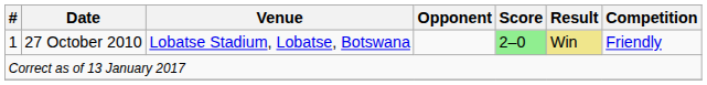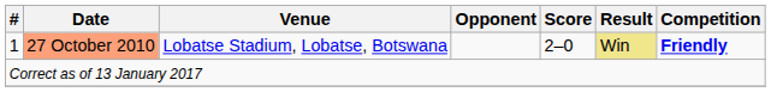 <table class="wikitable" style="font-size:95%;">
 <tr>
 <th>#</th>
 <th>Date</th>
 <th>Venue</th>
 <th>Opponent</th>
 <th>Score</th>
 <th>Result</th>
 <th>Competition</th>
 </tr>
 <tr>
 <td>1</td>
-<td>27 October 2010</td>
+<td style="background: lightsalmon;">27 October 2010</td>
 <td><a href='#'>Lobatse Stadium</a>, <a href='#'>Lobatse</a>, <a href='#'>Botswana</a></td>
 <td></td>
-<td style="background: lightgreen;">2–0</td>
+<td>2–0</td>
 <td style="background: khaki;">Win</td>
-<td><a href='#'>Friendly</a></td>
+<td><strong><a href='#'>Friendly</a></strong></td>
 </tr>
 <tr>
 <td colspan="12"><small><em>Correct as of 13 January 2017</em></small></td>
 </tr>
 <tr>
 </tr>
 </table>
